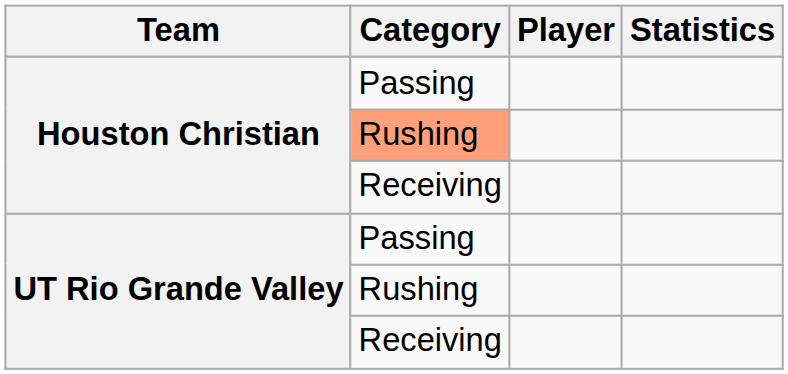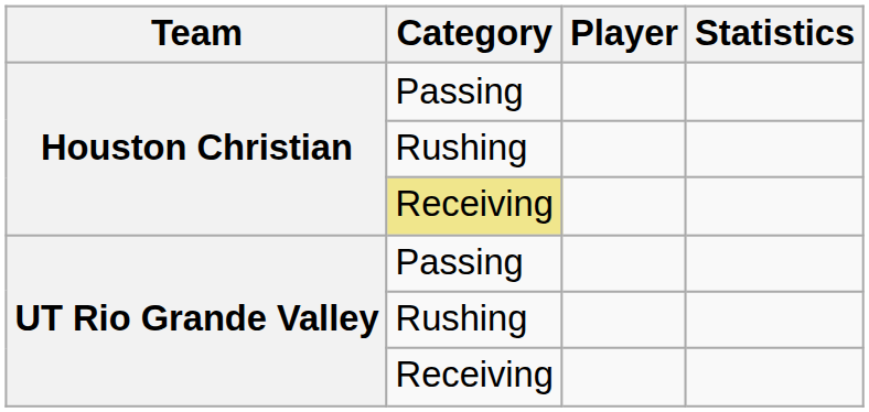 <table class="wikitable" style="float:right">
 <tr>
 <th>Team</th>
 <th>Category</th>
 <th>Player</th>
 <th>Statistics</th>
 </tr>
 <tr>
 <th rowspan=3>Houston Christian</th>
 <td>Passing</td>
 <td></td>
 <td></td>
 </tr>
 <tr>
-<td style="background: lightsalmon;">Rushing</td>
+<td>Rushing</td>
 <td></td>
 <td></td>
 </tr>
 <tr>
-<td>Receiving</td>
+<td style="background: khaki;">Receiving</td>
 <td></td>
 <td></td>
 </tr>
 <tr>
 <th rowspan=3>UT Rio Grande Valley</th>
 <td>Passing</td>
 <td></td>
 <td></td>
 </tr>
 <tr>
 <td>Rushing</td>
 <td></td>
 <td></td>
 </tr>
 <tr>
 <td>Receiving</td>
 <td></td>
 <td></td>
 </tr>
 </table>
